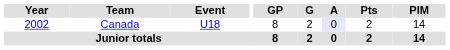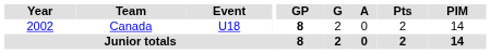 <table border="0" cellpadding="1" cellspacing="0" ID="Table3" style="text-align:center; width:40em">
 <tr bgcolor="#e0e0e0">
 <th>Year</th>
 <th>Team</th>
 <th>Event</th>
 <th rowspan="102" bgcolor="#ffffff"></th>
 <th>GP</th>
 <th>G</th>
 <th>A</th>
 <th>Pts</th>
 <th>PIM</th>
 </tr>
 <tr>
 <td><a href='#'>2002</a></td>
 <td><a href='#'>Canada</a></td>
 <td><a href='#'>U18</a></td>
-<td>8</td>
+<td><strong>8</strong></td>
 <td>2</td>
-<td style="background: lavender;">0</td>
+<td>0</td>
 <td>2</td>
 <td>14</td>
 </tr>
 <tr bgcolor="#e0e0e0">
 <th colspan="4">Junior totals</th>
 <th>8</th>
 <th>2</th>
 <th>0</th>
 <th>2</th>
 <th>14</th>
 </tr>
 </table>
